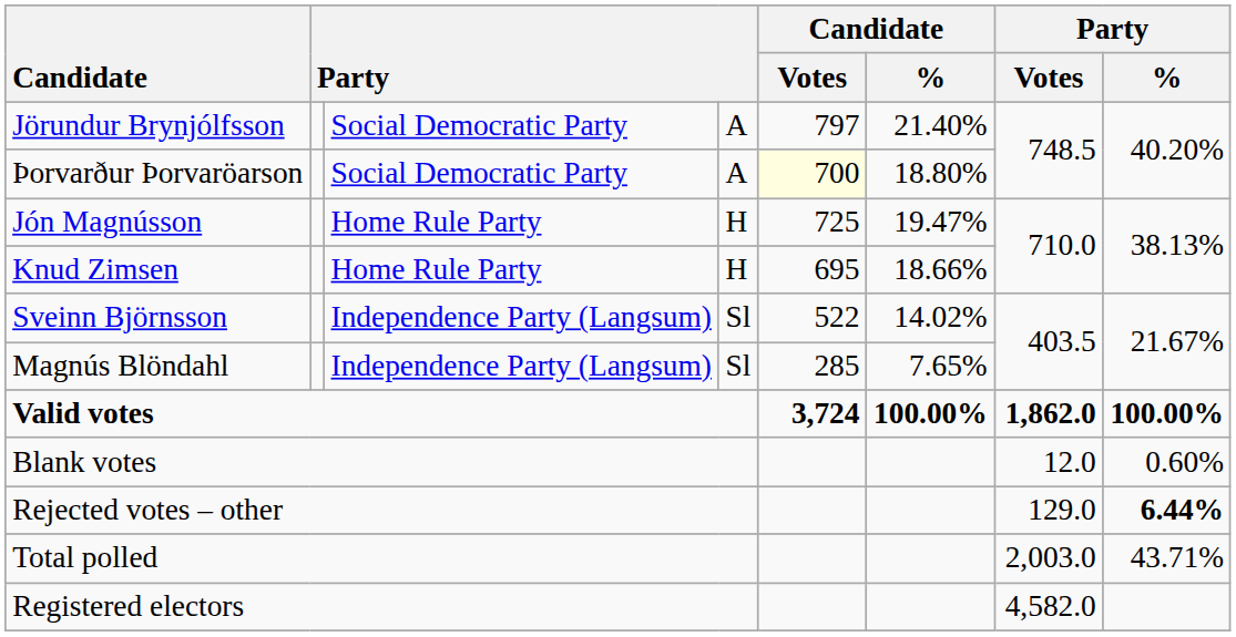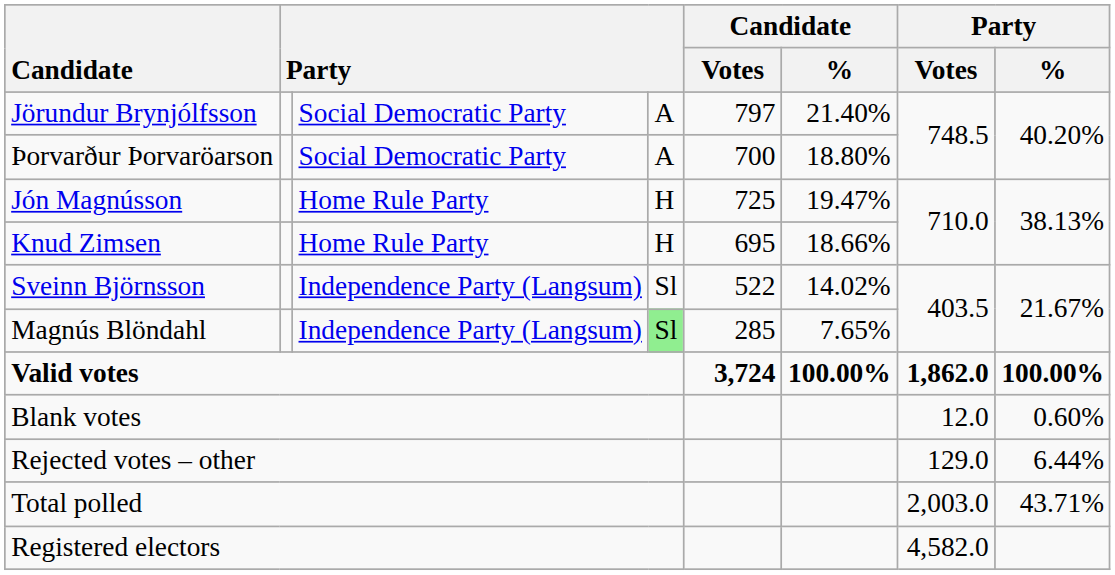 <table class="wikitable" border="1" style="text-align:right;">
 <tr>
 <th style="text-align:left;" valign=bottom rowspan=2>Candidate</th>
 <th style="text-align:left;" valign=bottom rowspan=2 colspan=3>Party</th>
 <th colspan=2>Candidate</th>
 <th colspan=2>Party</th>
 </tr>
 <tr>
 <th align=center valign=bottom width="50">Votes</th>
 <th align=center valign=bottom width="50">%</th>
 <th align=center valign=bottom width="50">Votes</th>
 <th align=center valign=bottom width="50">%</th>
 </tr>
 <tr>
 <td align=left><a href='#'>Jörundur Brynjólfsson</a></td>
 <td></td>
 <td align=left><a href='#'>Social Democratic Party</a></td>
 <td align=left>A</td>
 <td>797</td>
 <td>21.40%</td>
 <td rowspan=2>748.5</td>
 <td rowspan=2>40.20%</td>
 </tr>
 <tr>
 <td align=left>Þorvarður Þorvaröarson</td>
 <td></td>
 <td align=left><a href='#'>Social Democratic Party</a></td>
 <td align=left>A</td>
-<td style="background: lightyellow;">700</td>
+<td>700</td>
 <td>18.80%</td>
 </tr>
 <tr>
 <td align=left><a href='#'>Jón Magnússon</a></td>
 <td></td>
 <td align=left><a href='#'>Home Rule Party</a></td>
 <td align=left>H</td>
 <td>725</td>
 <td>19.47%</td>
 <td rowspan=2>710.0</td>
 <td rowspan=2>38.13%</td>
 </tr>
 <tr>
 <td align=left><a href='#'>Knud Zimsen</a></td>
 <td></td>
 <td align=left><a href='#'>Home Rule Party</a></td>
 <td align=left>H</td>
 <td>695</td>
 <td>18.66%</td>
 </tr>
 <tr>
 <td align=left><a href='#'>Sveinn Björnsson</a></td>
 <td></td>
 <td align=left><a href='#'>Independence Party (Langsum)</a></td>
 <td align=left>Sl</td>
 <td>522</td>
 <td>14.02%</td>
 <td rowspan=2>403.5</td>
 <td rowspan=2>21.67%</td>
 </tr>
 <tr>
 <td align=left>Magnús Blöndahl</td>
 <td></td>
 <td align=left><a href='#'>Independence Party (Langsum)</a></td>
-<td align=left>Sl</td>
+<td align=left style="background: lightgreen;">Sl</td>
 <td>285</td>
 <td>7.65%</td>
 </tr>
 <tr style="font-weight:bold">
 <td align=left colspan=4>Valid votes</td>
 <td>3,724</td>
 <td>100.00%</td>
 <td>1,862.0</td>
 <td>100.00%</td>
 </tr>
 <tr>
 <td align=left colspan=4>Blank votes</td>
 <td></td>
 <td></td>
 <td>12.0</td>
 <td>0.60%</td>
 </tr>
 <tr>
 <td align=left colspan=4>Rejected votes – other</td>
 <td></td>
 <td></td>
 <td>129.0</td>
-<td><strong>6.44%</strong></td>
+<td>6.44%</td>
 </tr>
 <tr>
 <td align=left colspan=4>Total polled</td>
 <td></td>
 <td></td>
 <td>2,003.0</td>
 <td>43.71%</td>
 </tr>
 <tr>
 <td align=left colspan=4>Registered electors</td>
 <td></td>
 <td></td>
 <td>4,582.0</td>
 </tr>
 </table>
